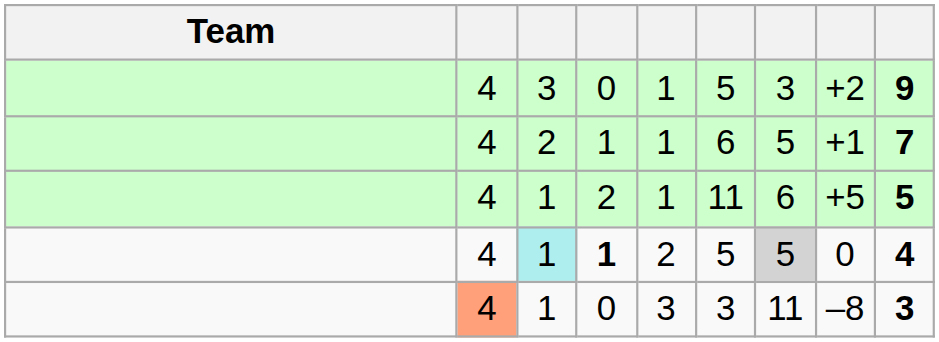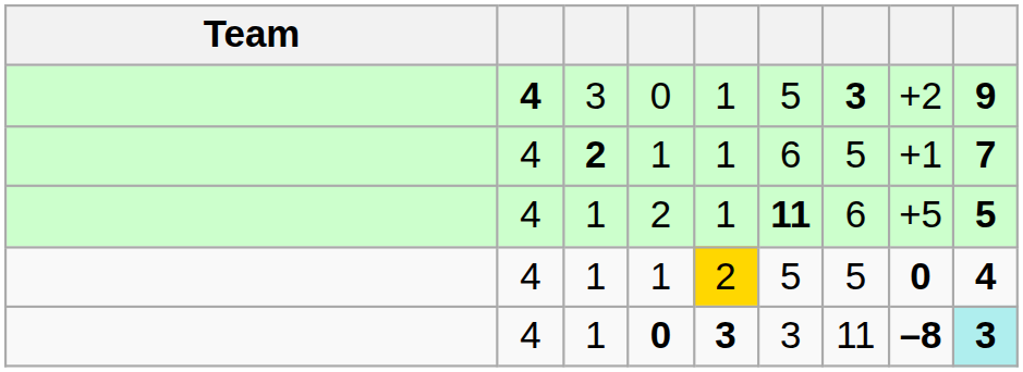 <table class="wikitable" style="text-align: center;">
 <tr>
 <th width="200">Team</th>
 <th width="20"></th>
 <th width="20"></th>
 <th width="20"></th>
 <th width="20"></th>
 <th width="20"></th>
 <th width="20"></th>
 <th width="20"></th>
 <th width="20"></th>
 </tr>
 <tr style="background:#ccffcc">
 <td align=left></td>
-<td>4</td>
+<td><strong>4</strong></td>
 <td>3</td>
 <td>0</td>
 <td>1</td>
 <td>5</td>
-<td>3</td>
+<td><strong>3</strong></td>
 <td>+2</td>
 <td><strong>9</strong></td>
 </tr>
 <tr style="background:#ccffcc">
 <td align=left></td>
 <td>4</td>
-<td>2</td>
+<td><strong>2</strong></td>
 <td>1</td>
 <td>1</td>
 <td>6</td>
 <td>5</td>
 <td>+1</td>
 <td><strong>7</strong></td>
 </tr>
 <tr style="background:#ccffcc">
 <td align=left></td>
 <td>4</td>
 <td>1</td>
 <td>2</td>
 <td>1</td>
-<td>11</td>
+<td><strong>11</strong></td>
 <td>6</td>
 <td>+5</td>
 <td><strong>5</strong></td>
 </tr>
 <tr>
 <td align=left></td>
 <td>4</td>
-<td style="background: paleturquoise;">1</td>
-<td><strong>1</strong></td>
-<td>2</td>
+<td>1</td>
+<td>1</td>
+<td style="background: gold;">2</td>
 <td>5</td>
-<td style="background: lightgrey;">5</td>
-<td>0</td>
+<td>5</td>
+<td><strong>0</strong></td>
 <td><strong>4</strong></td>
 </tr>
 <tr>
 <td align=left></td>
-<td style="background: lightsalmon;">4</td>
+<td>4</td>
 <td>1</td>
-<td>0</td>
-<td>3</td>
+<td><strong>0</strong></td>
+<td><strong>3</strong></td>
 <td>3</td>
 <td>11</td>
-<td>–8</td>
-<td><strong>3</strong></td>
+<td><strong>–8</strong></td>
+<td style="background: paleturquoise;"><strong>3</strong></td>
 </tr>
 </table>
